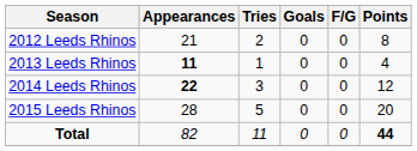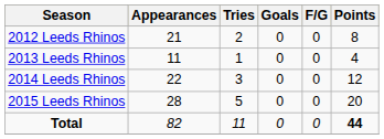 <table class="wikitable" style="text-align:center;">
 <tr bgcolor=#bdb76b>
 <th>Season</th>
 <th>Appearances</th>
 <th>Tries</th>
 <th>Goals</th>
 <th>F/G</th>
 <th>Points</th>
 </tr>
 <tr>
 <td><a href='#'>2012 Leeds Rhinos</a></td>
 <td>21</td>
 <td>2</td>
 <td>0</td>
 <td>0</td>
 <td>8</td>
 </tr>
 <tr>
 <td><a href='#'>2013 Leeds Rhinos</a></td>
-<td><strong>11</strong></td>
+<td>11</td>
 <td>1</td>
 <td>0</td>
 <td>0</td>
 <td>4</td>
 </tr>
 <tr>
 <td><a href='#'>2014 Leeds Rhinos</a></td>
-<td><strong>22</strong></td>
+<td>22</td>
 <td>3</td>
 <td>0</td>
 <td>0</td>
 <td>12</td>
 </tr>
 <tr>
 <td><a href='#'>2015 Leeds Rhinos</a></td>
 <td>28</td>
 <td>5</td>
 <td>0</td>
 <td>0</td>
 <td>20</td>
 </tr>
 <tr>
 <td><strong>Total</strong></td>
 <td><em>82</em></td>
 <td><em>11</em></td>
 <td><em>0</em></td>
 <td><em>0</em></td>
 <td><strong>44</strong></td>
 </tr>
 <tr>
 </tr>
 </table>
